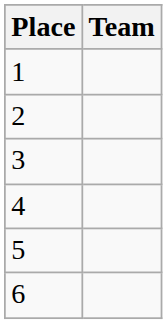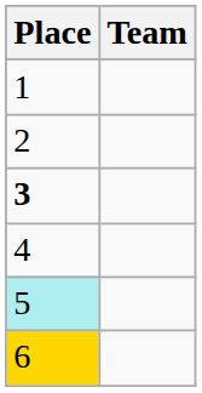 <table class="wikitable">
 <tr>
 <th>Place</th>
 <th>Team</th>
 </tr>
 <tr>
 <td>1</td>
 <td align="left"></td>
 </tr>
 <tr>
 <td>2</td>
 <td align="left"></td>
 </tr>
 <tr>
-<td>3</td>
+<td><strong>3</strong></td>
 <td align="left"></td>
 </tr>
 <tr>
 <td>4</td>
 <td align="left"></td>
 </tr>
 <tr>
-<td>5</td>
+<td style="background: paleturquoise;">5</td>
 <td align="left"></td>
 </tr>
 <tr>
-<td>6</td>
+<td style="background: gold;">6</td>
 <td align="left"></td>
 </tr>
 </table>
